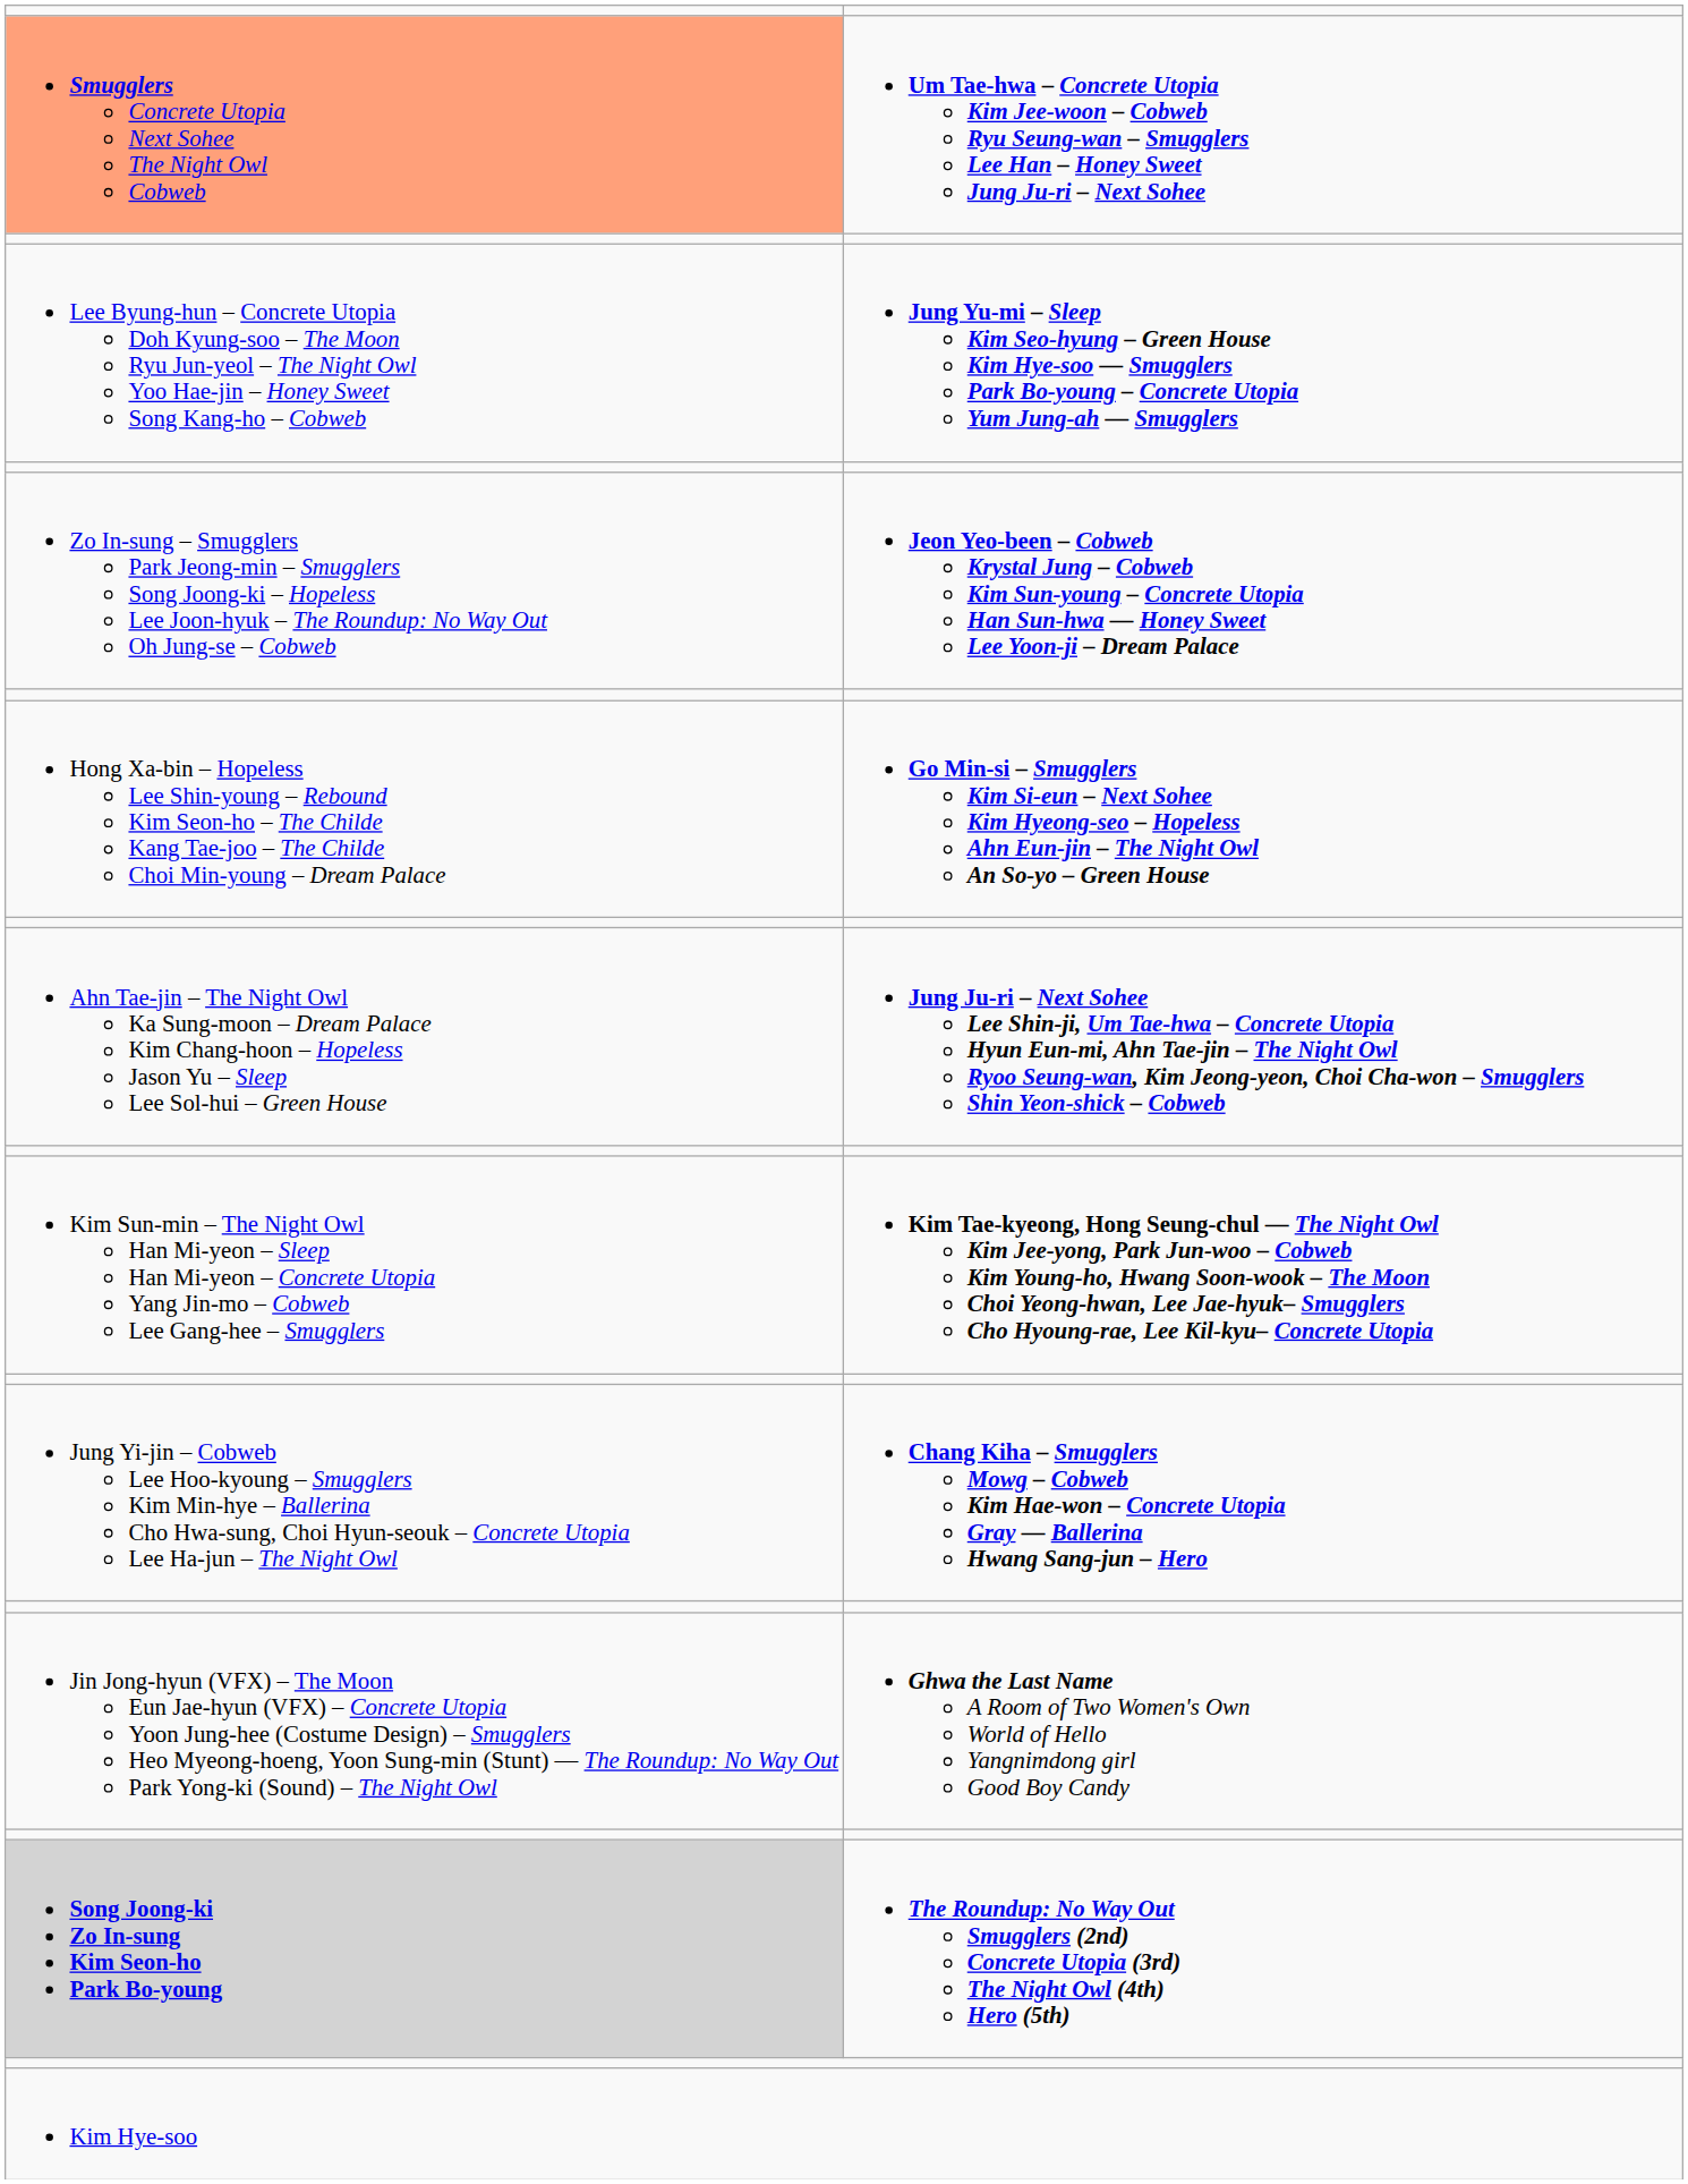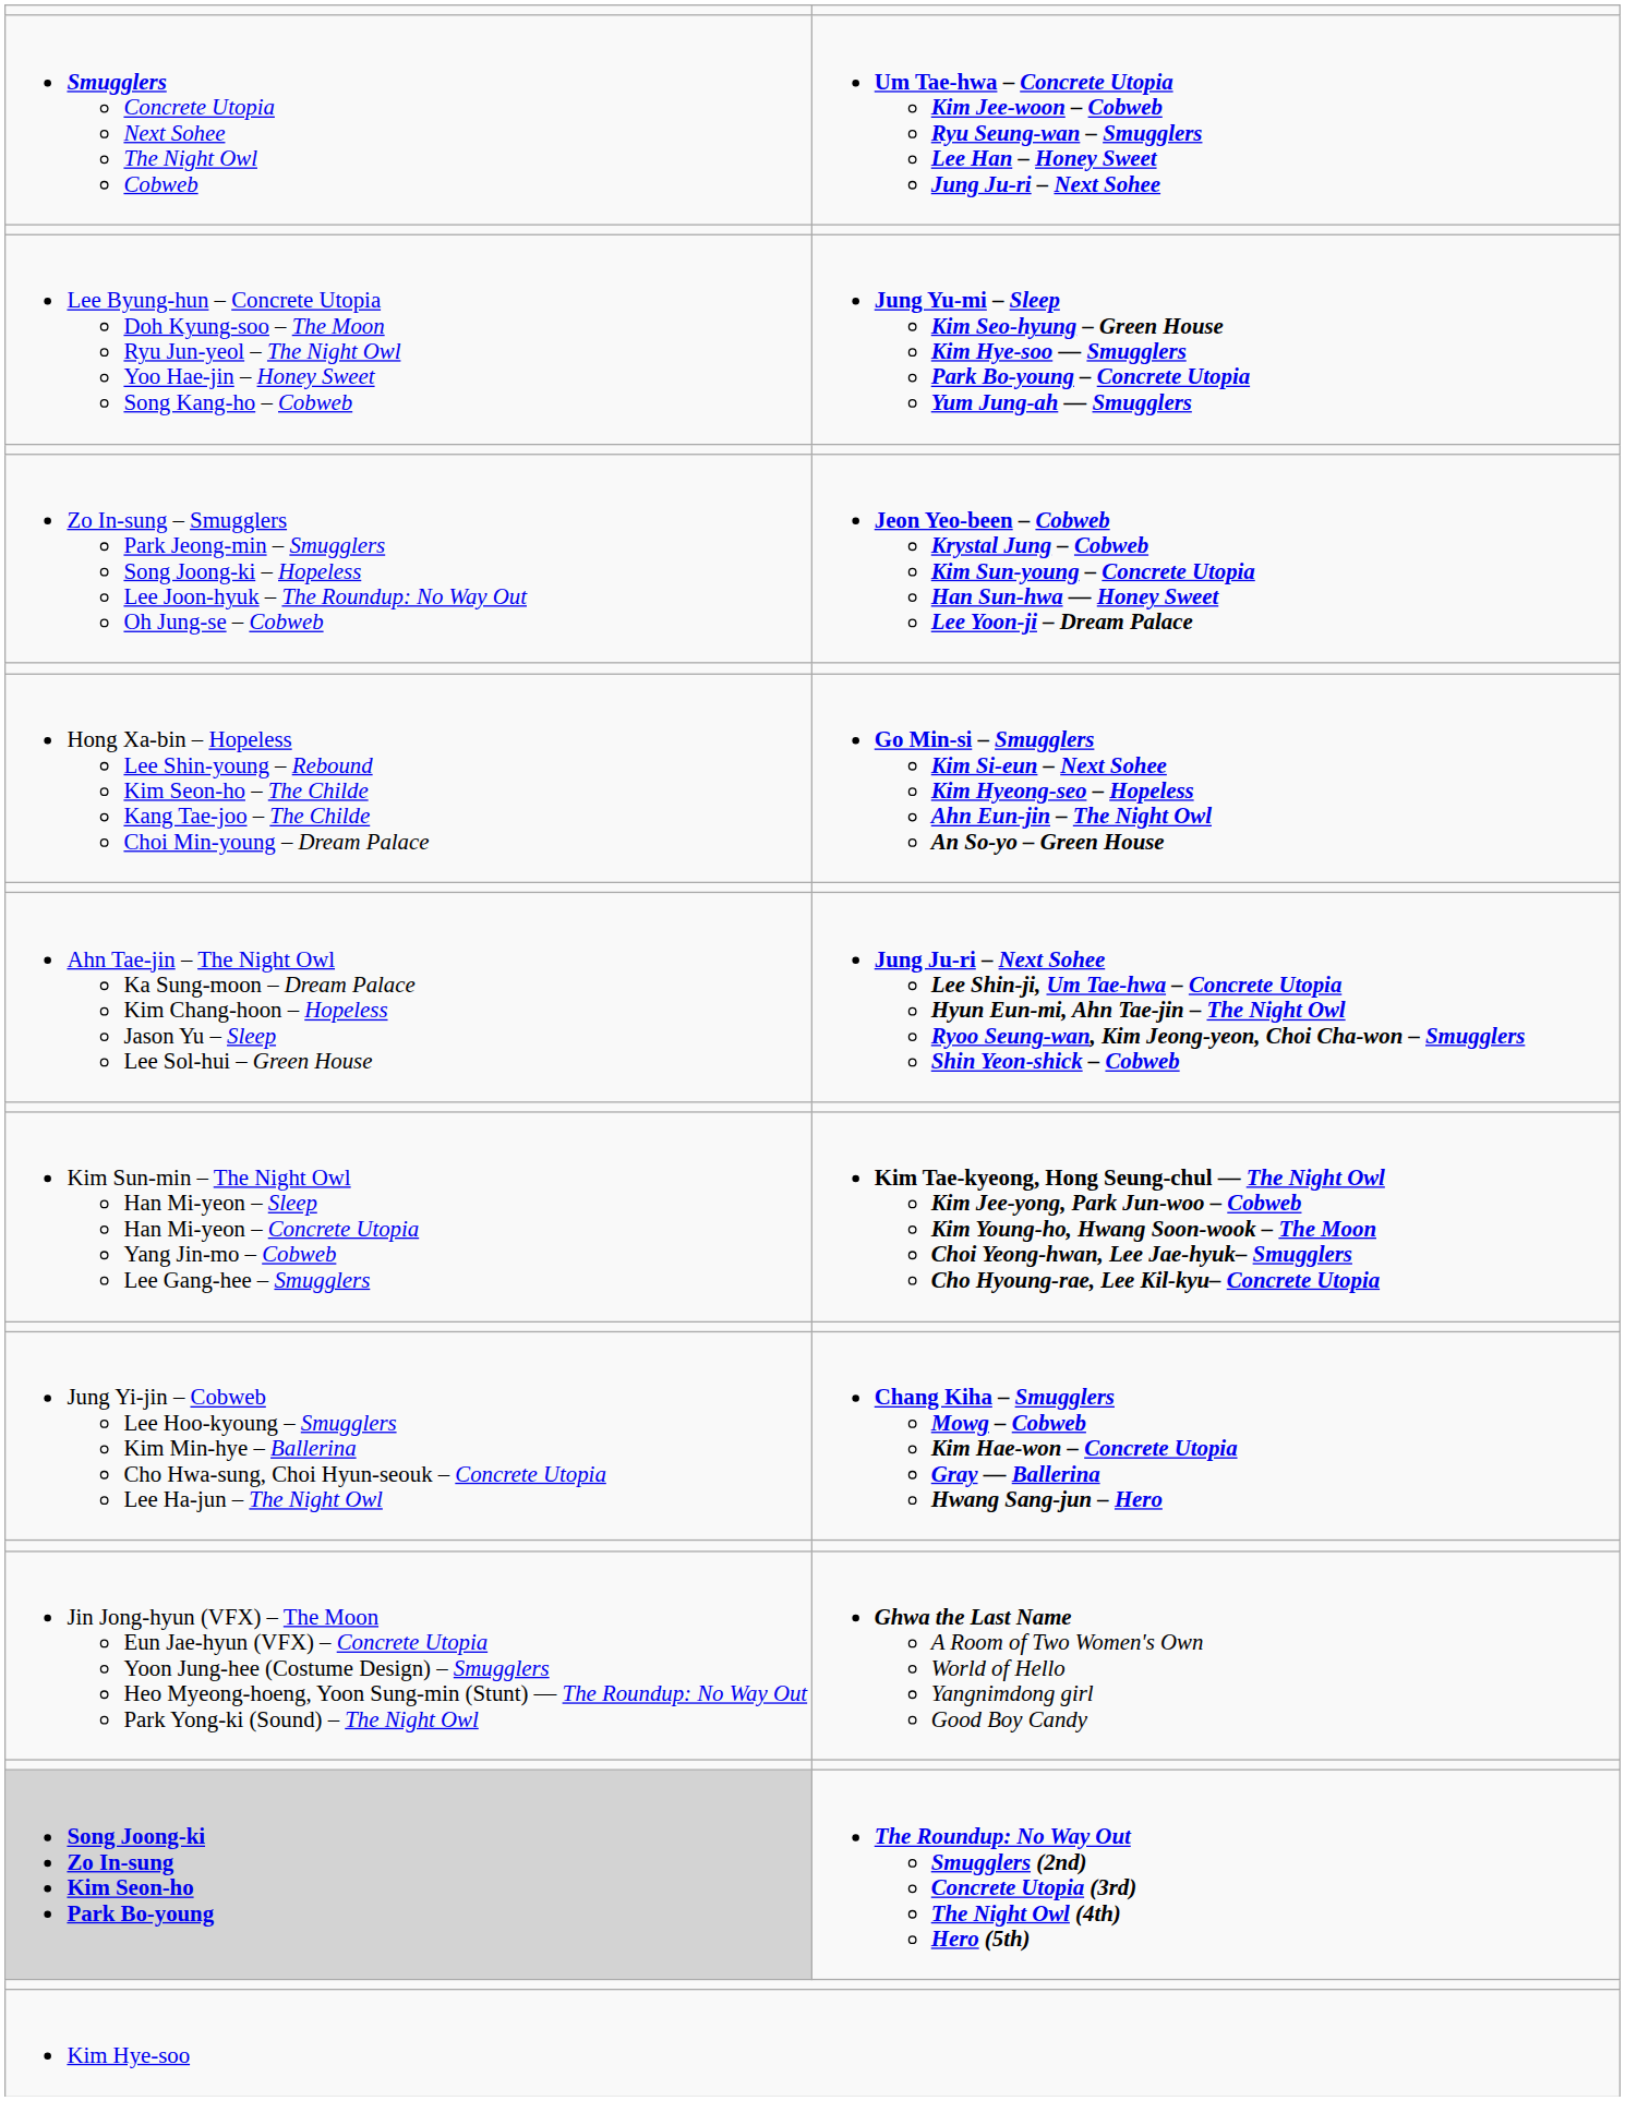 <table class="wikitable ">
 <tr>
 <td style="vertical-align:top; width:50%;"></td>
 <td style="vertical-align:top; width:50%;"></td>
 </tr>
 <tr>
-<td valign="top" style="background: lightsalmon;"><br><ul><li><strong><em><a href='#'>Smugglers</a></em></strong> <ul><li><em><a href='#'>Concrete Utopia</a></em></li><li><em><a href='#'>Next Sohee</a></em></li><li><em><a href='#'>The Night Owl</a></em></li><li><em><a href='#'>Cobweb</a></em></li></ul></li></ul></td>
+<td valign="top"><br><ul><li><strong><em><a href='#'>Smugglers</a></em></strong> <ul><li><em><a href='#'>Concrete Utopia</a></em></li><li><em><a href='#'>Next Sohee</a></em></li><li><em><a href='#'>The Night Owl</a></em></li><li><em><a href='#'>Cobweb</a></em></li></ul></li></ul></td>
 <td valign="top"><br><ul><li><strong><a href='#'>Um Tae-hwa</a> – <em><a href='#'>Concrete Utopia</a><strong><em> <ul><li><a href='#'>Kim Jee-woon</a> – </em><a href='#'>Cobweb</a><em></li><li><a href='#'>Ryu Seung-wan</a> – </em><a href='#'>Smugglers</a><em></li><li><a href='#'>Lee Han</a> – </em><a href='#'>Honey Sweet</a><em></li><li><a href='#'>Jung Ju-ri</a> – </em><a href='#'>Next Sohee</a><em></li></ul></li></ul></td>
 </tr>
 <tr>
 <td style="vertical-align:top; width:50%;"></td>
 <td style="vertical-align:top; width:50%;"></td>
 </tr>
 <tr>
 <td valign="top"><br><ul><li></strong><a href='#'>Lee Byung-hun</a> – </em><a href='#'>Concrete Utopia</a></em></strong> <ul><li><a href='#'>Doh Kyung-soo</a> – <em><a href='#'>The Moon</a></em></li><li><a href='#'>Ryu Jun-yeol</a> – <em><a href='#'>The Night Owl</a></em></li><li><a href='#'>Yoo Hae-jin</a> – <em><a href='#'>Honey Sweet</a></em></li><li><a href='#'>Song Kang-ho</a> – <em><a href='#'>Cobweb</a></em></li></ul></li></ul></td>
 <td valign="top"><br><ul><li><strong><a href='#'>Jung Yu-mi</a> – <em><a href='#'>Sleep</a><strong><em> <ul><li><a href='#'>Kim Seo-hyung</a> – </em>Green House<em></li><li><a href='#'>Kim Hye-soo</a> — </em><a href='#'>Smugglers</a><em></li><li><a href='#'>Park Bo-young</a> – </em><a href='#'>Concrete Utopia</a><em></li><li><a href='#'>Yum Jung-ah</a> — </em><a href='#'>Smugglers</a><em></li></ul></li></ul></td>
 </tr>
 <tr>
 <td style="vertical-align:top; width:50%;"></td>
 <td style="vertical-align:top; width:50%;"></td>
 </tr>
 <tr>
 <td valign="top"><br><ul><li></strong><a href='#'>Zo In-sung</a> – </em><a href='#'>Smugglers</a></em></strong> <ul><li><a href='#'>Park Jeong-min</a> – <em><a href='#'>Smugglers</a></em></li><li><a href='#'>Song Joong-ki</a> – <em><a href='#'>Hopeless</a></em></li><li><a href='#'>Lee Joon-hyuk</a> – <em><a href='#'>The Roundup: No Way Out</a></em></li><li><a href='#'>Oh Jung-se</a> –  <em><a href='#'>Cobweb</a></em></li></ul></li></ul></td>
 <td valign="top"><br><ul><li><strong><a href='#'>Jeon Yeo-been</a> – <em><a href='#'>Cobweb</a><strong><em> <ul><li><a href='#'>Krystal Jung</a> – </em><a href='#'>Cobweb</a><em></li><li><a href='#'>Kim Sun-young</a> – </em><a href='#'>Concrete Utopia</a><em></li><li><a href='#'>Han Sun-hwa</a> — </em><a href='#'>Honey Sweet</a><em></li><li><a href='#'>Lee Yoon-ji</a> – </em>Dream Palace<em></li></ul></li></ul></td>
 </tr>
 <tr>
 <td style="vertical-align:top; width:50%;"></td>
 <td style="vertical-align:top; width:50%;"></td>
 </tr>
 <tr>
 <td valign="top"><br><ul><li></strong>Hong Xa-bin – </em><a href='#'>Hopeless</a></em></strong> <ul><li><a href='#'>Lee Shin-young</a> – <em><a href='#'>Rebound</a></em></li><li><a href='#'>Kim Seon-ho</a> – <em><a href='#'>The Childe</a></em></li><li><a href='#'>Kang Tae-joo</a> – <em><a href='#'>The Childe</a></em></li><li><a href='#'>Choi Min-young</a> – <em>Dream Palace</em></li></ul></li></ul></td>
 <td valign="top"><br><ul><li><strong><a href='#'>Go Min-si</a> – <em><a href='#'>Smugglers</a><strong><em> <ul><li><a href='#'>Kim Si-eun</a> – </em><a href='#'>Next Sohee</a><em></li><li><a href='#'>Kim Hyeong-seo</a> – </em><a href='#'>Hopeless</a><em></li><li><a href='#'>Ahn Eun-jin</a> – </em><a href='#'>The Night Owl</a><em></li><li>An So-yo – </em>Green House<em></li></ul></li></ul></td>
 </tr>
 <tr>
 <td style="vertical-align:top; width:50%;"></td>
 <td style="vertical-align:top; width:50%;"></td>
 </tr>
 <tr>
 <td valign="top"><br><ul><li></strong><a href='#'>Ahn Tae-jin</a> – </em><a href='#'>The Night Owl</a></em></strong> <ul><li>Ka Sung-moon – <em>Dream Palace</em></li><li>Kim Chang-hoon – <em><a href='#'>Hopeless</a></em></li><li>Jason Yu – <em><a href='#'>Sleep</a></em></li><li>Lee Sol-hui – <em>Green House</em></li></ul></li></ul></td>
 <td valign="top"><br><ul><li><strong><a href='#'>Jung Ju-ri</a> – <em><a href='#'>Next Sohee</a><strong><em> <ul><li>Lee Shin-ji, <a href='#'>Um Tae-hwa</a> – </em><a href='#'>Concrete Utopia</a><em></li><li>Hyun Eun-mi, Ahn Tae-jin – </em><a href='#'>The Night Owl</a><em></li><li><a href='#'>Ryoo Seung-wan</a>, Kim Jeong-yeon, Choi Cha-won – </em><a href='#'>Smugglers</a><em></li><li><a href='#'>Shin Yeon-shick</a> – </em><a href='#'>Cobweb</a><em></li></ul></li></ul></td>
 </tr>
 <tr>
 <td style="vertical-align:top; width:50%;"></td>
 <td style="vertical-align:top; width:50%;"></td>
 </tr>
 <tr>
 <td valign="top"><br><ul><li></strong>Kim Sun-min – </em><a href='#'>The Night Owl</a></em></strong> <ul><li>Han Mi-yeon – <em><a href='#'>Sleep</a></em></li><li>Han Mi-yeon – <em><a href='#'>Concrete Utopia</a></em></li><li>Yang Jin-mo –  <em><a href='#'>Cobweb</a></em></li><li>Lee Gang-hee – <em><a href='#'>Smugglers</a></em></li></ul></li></ul></td>
 <td valign="top"><br><ul><li><strong>Kim Tae-kyeong, Hong Seung-chul — <em><a href='#'>The Night Owl</a><strong><em> <ul><li>Kim Jee-yong, Park Jun-woo – </em><a href='#'>Cobweb</a><em></li><li>Kim Young-ho, Hwang Soon-wook – </em><a href='#'>The Moon</a><em></li><li>Choi Yeong-hwan, Lee Jae-hyuk– </em><a href='#'>Smugglers</a><em></li><li>Cho Hyoung-rae, Lee Kil-kyu– </em><a href='#'>Concrete Utopia</a><em></li></ul></li></ul></td>
 </tr>
 <tr>
 <td style="vertical-align:top; width:50%;"></td>
 <td style="vertical-align:top; width:50%;"></td>
 </tr>
 <tr>
 <td valign="top"><br><ul><li></strong>Jung Yi-jin –  </em><a href='#'>Cobweb</a></em></strong> <ul><li>Lee Hoo-kyoung – <em><a href='#'>Smugglers</a></em></li><li>Kim Min-hye – <em><a href='#'>Ballerina</a></em></li><li>Cho Hwa-sung, Choi Hyun-seouk – <em><a href='#'>Concrete Utopia</a></em></li><li>Lee Ha-jun – <em><a href='#'>The Night Owl</a></em></li></ul></li></ul></td>
 <td valign="top"><br><ul><li><strong><a href='#'>Chang Kiha</a> – <em><a href='#'>Smugglers</a><strong><em> <ul><li><a href='#'>Mowg</a> – </em><a href='#'>Cobweb</a><em></li><li>Kim Hae-won – </em><a href='#'>Concrete Utopia</a><em></li><li><a href='#'>Gray</a> — </em><a href='#'>Ballerina</a><em></li><li>Hwang Sang-jun – </em><a href='#'>Hero</a><em></li></ul></li></ul></td>
 </tr>
 <tr>
 <td style="vertical-align:top; width:50%;"></td>
 <td style="vertical-align:top; width:50%;"></td>
 </tr>
 <tr>
 <td valign="top"><br><ul><li></strong>Jin Jong-hyun (VFX) – </em><a href='#'>The Moon</a></em></strong> <ul><li>Eun Jae-hyun (VFX) – <em><a href='#'>Concrete Utopia</a></em></li><li>Yoon Jung-hee (Costume Design) – <em><a href='#'>Smugglers</a></em></li><li>Heo Myeong-hoeng, Yoon Sung-min (Stunt) — <em><a href='#'>The Roundup: No Way Out</a></em></li><li>Park Yong-ki (Sound) – <em><a href='#'>The Night Owl</a></em></li></ul></li></ul></td>
 <td valign="top"><br><ul><li><strong><em>Ghwa the Last Name</em></strong><ul><li><em>A Room of Two Women's Own</em></li><li><em>World of Hello</em></li><li><em>Yangnimdong girl</em></li><li><em>Good Boy Candy</em></li></ul></li></ul></td>
 </tr>
 <tr>
 <td style="vertical-align:top; width:50%;"></td>
 <td style="vertical-align:top; width:50%;"></td>
 </tr>
 <tr>
 <td valign="top" style="background: lightgrey;"><br><ul><li><strong><a href='#'>Song Joong-ki</a> </strong></li><li><strong><a href='#'>Zo In-sung</a> </strong></li><li><strong><a href='#'>Kim Seon-ho</a> </strong></li><li><strong><a href='#'>Park Bo-young</a> </strong></li></ul></td>
 <td valign="top"><br><ul><li><strong><em><a href='#'>The Roundup: No Way Out</a><em> <strong><ul><li></em><a href='#'>Smugglers</a><em> (2nd)</li><li></em><a href='#'>Concrete Utopia</a><em> (3rd)</li><li></em><a href='#'>The Night Owl</a><em> (4th)</li><li></em><a href='#'>Hero</a><em> (5th)</li></ul></li></ul></td>
 </tr>
 <tr>
 <td style="vertical-align:top; width:100%;" colspan="2"></td>
 </tr>
 <tr>
 <td valign="top" colspan="2"><br><ul><li></strong><a href='#'>Kim Hye-soo</a><strong> </li></ul></td>
 </tr>
 </table>
